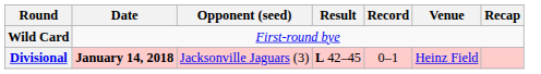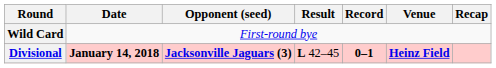 <table class="wikitable" style="text-align:center">
 <tr>
 <th>Round</th>
 <th>Date</th>
 <th>Opponent (seed)</th>
 <th>Result</th>
 <th>Record</th>
 <th>Venue</th>
 <th>Recap</th>
 </tr>
 <tr>
 <th>Wild Card</th>
 <td colspan="6"><em><a href='#'>First-round bye</a></em></td>
 </tr>
 <tr style="background:#fcc">
 <th><a href='#'>Divisional</a></th>
 <td><strong>January 14, 2018</strong></td>
-<td><a href='#'>Jacksonville Jaguars</a> (3)</td>
+<td><strong><a href='#'>Jacksonville Jaguars</a> (3)</strong></td>
 <td><strong>L</strong> 42–45</td>
-<td>0–1</td>
-<td><a href='#'>Heinz Field</a></td>
+<td><strong>0–1</strong></td>
+<td><strong><a href='#'>Heinz Field</a></strong></td>
 <td></td>
 </tr>
 </table>
